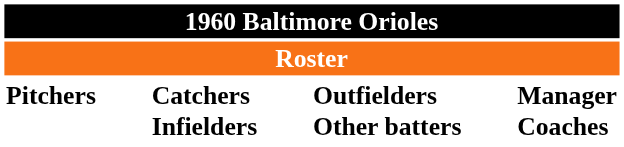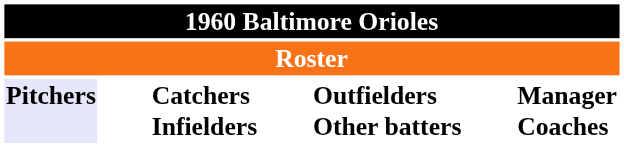 <table class="toccolours" style="font-size: 95%;">
 <tr>
 <th colspan="10" style="background-color: black; color: white; text-align: center;">1960 Baltimore Orioles</th>
 </tr>
 <tr>
 <td colspan="10" style="background-color: #F87217; color: white; text-align: center;"><strong>Roster</strong></td>
 </tr>
 <tr>
-<td valign="top"><strong>Pitchers</strong><br>             </td>
+<td valign="top" style="background: lavender;"><strong>Pitchers</strong><br>             </td>
 <td width="25px"></td>
 <td valign="top"><strong>Catchers</strong><br>     <strong>Infielders</strong>        </td>
 <td width="25px"></td>
 <td valign="top"><strong>Outfielders</strong><br>             <strong>Other batters</strong> </td>
 <td width="25px"></td>
 <td valign="top"><strong>Manager</strong><br> <strong>Coaches</strong>   </td>
 </tr>
 <tr>
 </tr>
 </table>
